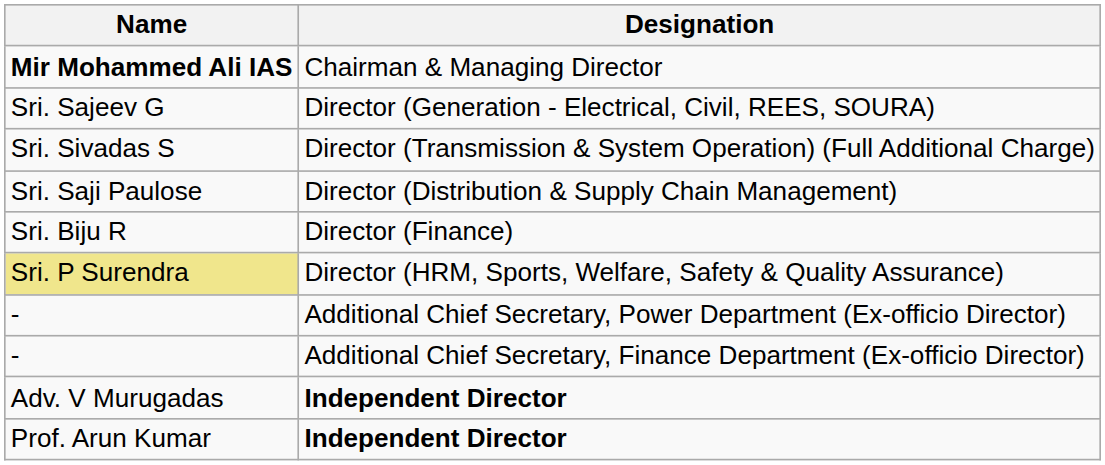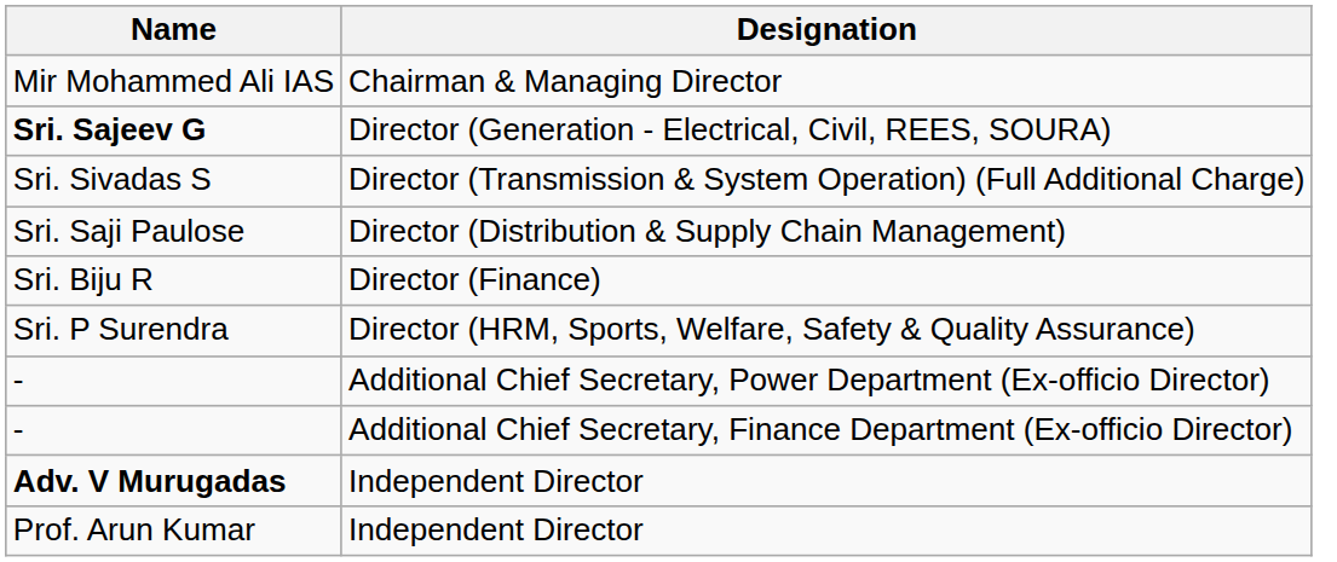 <table class="wikitable">
 <tr>
 <th>Name</th>
 <th>Designation</th>
 </tr>
 <tr>
-<td><strong>Mir Mohammed Ali IAS</strong></td>
+<td>Mir Mohammed Ali IAS</td>
 <td>Chairman & Managing Director</td>
 </tr>
 <tr>
-<td>Sri. Sajeev G</td>
+<td><strong>Sri. Sajeev G</strong></td>
 <td>Director (Generation - Electrical, Civil, REES, SOURA)</td>
 </tr>
 <tr>
 <td>Sri. Sivadas S</td>
 <td>Director (Transmission & System Operation) (Full Additional Charge)</td>
 </tr>
 <tr>
 <td>Sri. Saji Paulose</td>
 <td>Director (Distribution & Supply Chain Management)</td>
 </tr>
 <tr>
 <td>Sri. Biju R</td>
 <td>Director (Finance)</td>
 </tr>
 <tr>
-<td style="background: khaki;">Sri. P Surendra</td>
+<td>Sri. P Surendra</td>
 <td>Director (HRM, Sports, Welfare, Safety & Quality Assurance)</td>
 </tr>
 <tr>
 <td>-</td>
 <td>Additional Chief Secretary, Power Department (Ex-officio Director)</td>
 </tr>
 <tr>
 <td>-</td>
 <td>Additional Chief Secretary, Finance Department (Ex-officio Director)</td>
 </tr>
 <tr>
-<td>Adv. V Murugadas</td>
-<td><strong>Independent Director</strong></td>
+<td><strong>Adv. V Murugadas</strong></td>
+<td>Independent Director</td>
 </tr>
 <tr>
 <td>Prof. Arun Kumar</td>
-<td><strong>Independent Director</strong></td>
+<td>Independent Director</td>
 </tr>
 </table>
